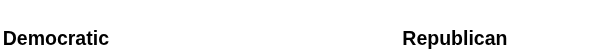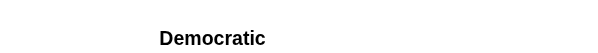 <table style="width:70%; text-align:center">
 <tr style="color:white">
 <td style="background:"><strong>167</strong></td>
 <td style="background:"><strong>6</strong></td>
-<td style="background:"><strong>152</strong></td>
 </tr>
 <tr>
 <td><span><strong>Democratic</strong></span></td>
 <td></td>
-<td><span><strong>Republican</strong></span></td>
 </tr>
 </table>
